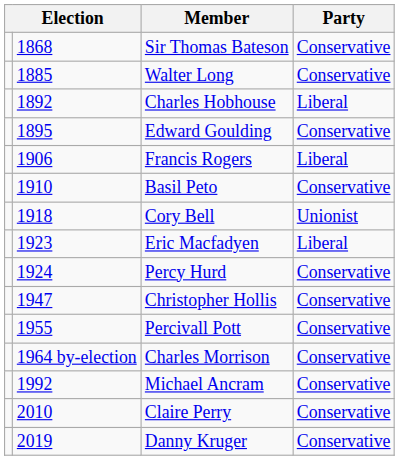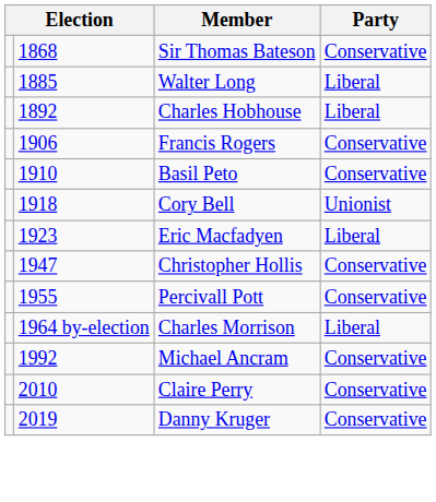 <table class="wikitable">
 <tr>
 <th colspan="2">Election</th>
 <th>Member</th>
 <th>Party</th>
 </tr>
 <tr>
 <td style="color:inherit;background-color: "></td>
 <td><a href='#'>1868</a></td>
 <td><a href='#'>Sir Thomas Bateson</a></td>
 <td><a href='#'>Conservative</a></td>
 </tr>
 <tr>
 <td style="color:inherit;background-color: "></td>
 <td><a href='#'>1885</a></td>
 <td><a href='#'>Walter Long</a></td>
-<td><a href='#'>Conservative</a></td>
+<td><a href='#'>Liberal</a></td>
 </tr>
 <tr>
 <td style="color:inherit;background-color: "></td>
 <td><a href='#'>1892</a></td>
 <td><a href='#'>Charles Hobhouse</a></td>
 <td><a href='#'>Liberal</a></td>
 </tr>
 <tr>
 <td style="color:inherit;background-color: "></td>
-<td><a href='#'>1895</a></td>
-<td><a href='#'>Edward Goulding</a></td>
-<td><a href='#'>Conservative</a></td>
-</tr>
-<tr>
-<td style="color:inherit;background-color: "></td>
 <td><a href='#'>1906</a></td>
 <td><a href='#'>Francis Rogers</a></td>
-<td><a href='#'>Liberal</a></td>
+<td><a href='#'>Conservative</a></td>
 </tr>
 <tr>
 <td style="color:inherit;background-color: "></td>
 <td><a href='#'>1910</a></td>
 <td><a href='#'>Basil Peto</a></td>
 <td><a href='#'>Conservative</a></td>
 </tr>
 <tr>
 <td style="color:inherit;background-color: "></td>
 <td><a href='#'>1918</a></td>
 <td><a href='#'>Cory Bell</a></td>
 <td><a href='#'>Unionist</a></td>
 </tr>
 <tr>
 <td style="color:inherit;background-color: "></td>
 <td><a href='#'>1923</a></td>
 <td><a href='#'>Eric Macfadyen</a></td>
 <td><a href='#'>Liberal</a></td>
 </tr>
 <tr>
 <td style="color:inherit;background-color: "></td>
-<td><a href='#'>1924</a></td>
-<td><a href='#'>Percy Hurd</a></td>
-<td><a href='#'>Conservative</a></td>
-</tr>
-<tr>
-<td style="color:inherit;background-color: "></td>
 <td><a href='#'>1947</a></td>
 <td><a href='#'>Christopher Hollis</a></td>
 <td><a href='#'>Conservative</a></td>
 </tr>
 <tr>
 <td style="color:inherit;background-color: "></td>
 <td><a href='#'>1955</a></td>
 <td><a href='#'>Percivall Pott</a></td>
 <td><a href='#'>Conservative</a></td>
 </tr>
 <tr>
 <td style="color:inherit;background-color: "></td>
 <td><a href='#'>1964 by-election</a></td>
 <td><a href='#'>Charles Morrison</a></td>
-<td><a href='#'>Conservative</a></td>
+<td><a href='#'>Liberal</a></td>
 </tr>
 <tr>
 <td style="color:inherit;background-color: "></td>
 <td><a href='#'>1992</a></td>
 <td><a href='#'>Michael Ancram</a></td>
 <td><a href='#'>Conservative</a></td>
 </tr>
 <tr>
 <td style="color:inherit;background-color: "></td>
 <td><a href='#'>2010</a></td>
 <td><a href='#'>Claire Perry</a></td>
 <td><a href='#'>Conservative</a></td>
 </tr>
 <tr>
 <td style="color:inherit;background-color: "></td>
 <td><a href='#'>2019</a></td>
 <td><a href='#'>Danny Kruger</a></td>
 <td><a href='#'>Conservative</a></td>
 </tr>
 </table>
